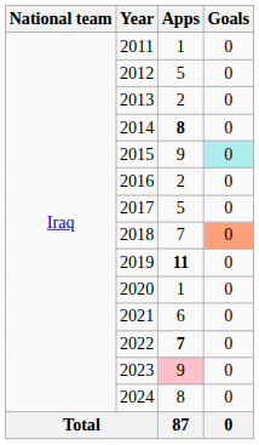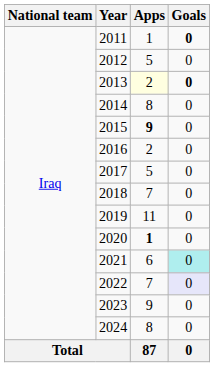 <table class="wikitable" style="text-align:center">
 <tr>
 <th>National team</th>
 <th>Year</th>
 <th>Apps</th>
 <th>Goals</th>
 </tr>
 <tr>
 <td rowspan="14"><a href='#'>Iraq</a></td>
 <td>2011</td>
 <td>1</td>
-<td>0</td>
+<td><strong>0</strong></td>
 </tr>
 <tr>
 <td>2012</td>
 <td>5</td>
 <td>0</td>
 </tr>
 <tr>
 <td>2013</td>
-<td>2</td>
-<td>0</td>
+<td style="background: lightyellow;">2</td>
+<td><strong>0</strong></td>
 </tr>
 <tr>
 <td>2014</td>
-<td><strong>8</strong></td>
+<td>8</td>
 <td>0</td>
 </tr>
 <tr>
 <td>2015</td>
-<td>9</td>
-<td style="background: paleturquoise;">0</td>
+<td><strong>9</strong></td>
+<td>0</td>
 </tr>
 <tr>
 <td>2016</td>
 <td>2</td>
 <td>0</td>
 </tr>
 <tr>
 <td>2017</td>
 <td>5</td>
 <td>0</td>
 </tr>
 <tr>
 <td>2018</td>
 <td>7</td>
-<td style="background: lightsalmon;">0</td>
+<td>0</td>
 </tr>
 <tr>
 <td>2019</td>
-<td><strong>11</strong></td>
+<td>11</td>
 <td>0</td>
 </tr>
 <tr>
 <td>2020</td>
-<td>1</td>
+<td><strong>1</strong></td>
 <td>0</td>
 </tr>
 <tr>
 <td>2021</td>
 <td>6</td>
-<td>0</td>
+<td style="background: paleturquoise;">0</td>
 </tr>
 <tr>
 <td>2022</td>
-<td><strong>7</strong></td>
-<td>0</td>
+<td>7</td>
+<td style="background: lavender;">0</td>
 </tr>
 <tr>
 <td>2023</td>
-<td style="background: pink;">9</td>
+<td>9</td>
 <td>0</td>
 </tr>
 <tr>
 <td>2024</td>
 <td>8</td>
 <td>0</td>
 </tr>
 <tr>
 <th colspan="2">Total</th>
 <th>87</th>
 <th>0</th>
 </tr>
 </table>
